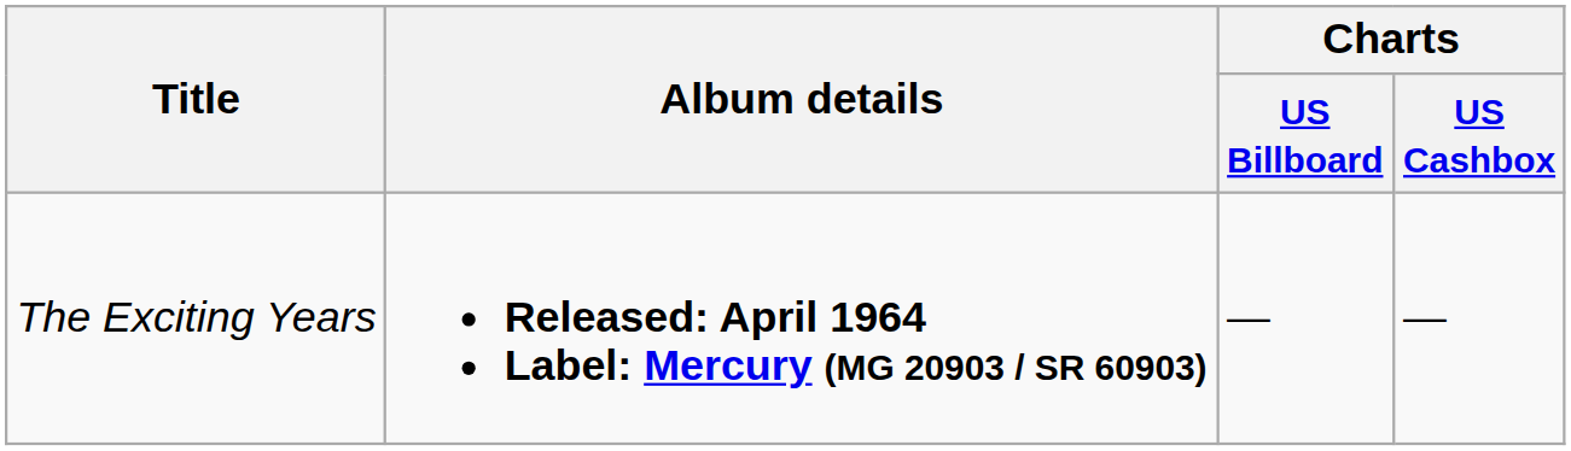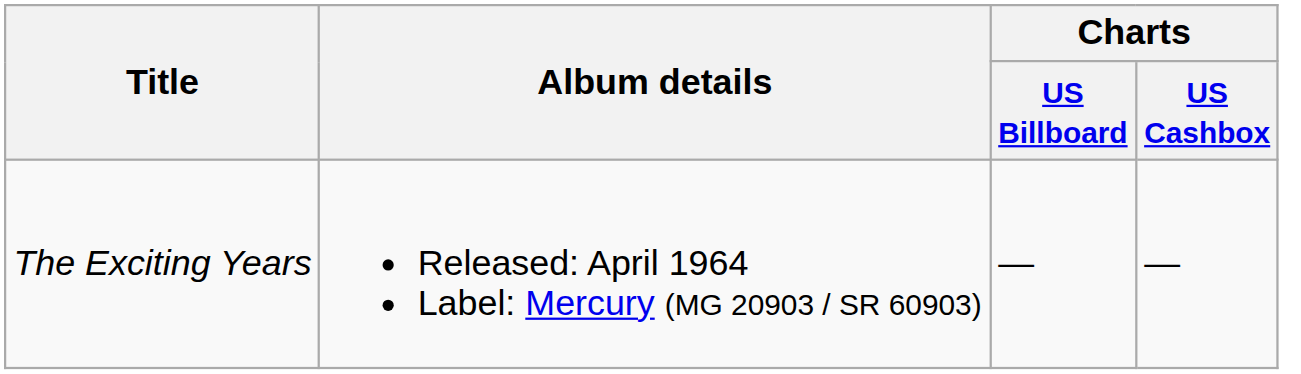 <table class="wikitable">
 <tr>
 <th rowspan="2">Title</th>
 <th rowspan="2">Album details</th>
 <th colspan="2">Charts</th>
 </tr>
 <tr>
 <th><a href='#'><small>US</small></a><br><a href='#'><small>Billboard</small></a></th>
 <th><a href='#'><small>US</small></a><br><a href='#'><small>Cashbox</small></a></th>
 </tr>
 <tr>
 <td><em>The Exciting Years</em></td>
-<td><strong><br><ul><li>Released: April 1964</li><li>Label: <a href='#'>Mercury</a> <small>(MG 20903 / SR 60903)</small></li></ul></strong></td>
+<td><br><ul><li>Released: April 1964</li><li>Label: <a href='#'>Mercury</a> <small>(MG 20903 / SR 60903)</small></li></ul></td>
 <td>—</td>
 <td>—</td>
 </tr>
 </table>
